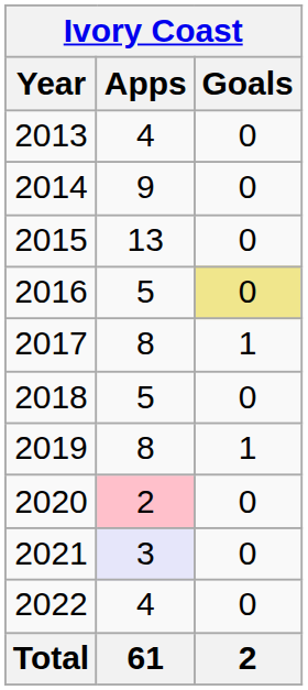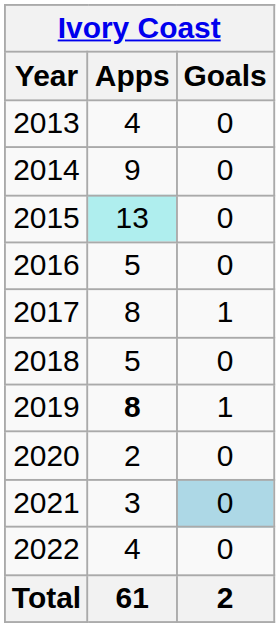 <table class="wikitable" style="text-align:center">
 <tr>
 <th colspan="3"><a href='#'>Ivory Coast</a></th>
 </tr>
 <tr>
 <th>Year</th>
 <th>Apps</th>
 <th>Goals</th>
 </tr>
 <tr>
 <td>2013</td>
 <td>4</td>
 <td>0</td>
 </tr>
 <tr>
 <td>2014</td>
 <td>9</td>
 <td>0</td>
 </tr>
 <tr>
 <td>2015</td>
-<td>13</td>
+<td style="background: paleturquoise;">13</td>
 <td>0</td>
 </tr>
 <tr>
 <td>2016</td>
 <td>5</td>
-<td style="background: khaki;">0</td>
+<td>0</td>
 </tr>
 <tr>
 <td>2017</td>
 <td>8</td>
 <td>1</td>
 </tr>
 <tr>
 <td>2018</td>
 <td>5</td>
 <td>0</td>
 </tr>
 <tr>
 <td>2019</td>
-<td>8</td>
+<td><strong>8</strong></td>
 <td>1</td>
 </tr>
 <tr>
 <td>2020</td>
-<td style="background: pink;">2</td>
+<td>2</td>
 <td>0</td>
 </tr>
 <tr>
 <td>2021</td>
-<td style="background: lavender;">3</td>
-<td>0</td>
+<td>3</td>
+<td style="background: lightblue;">0</td>
 </tr>
 <tr>
 <td>2022</td>
 <td>4</td>
 <td>0</td>
 </tr>
 <tr>
 <th>Total</th>
 <th>61</th>
 <th>2</th>
 </tr>
 </table>
